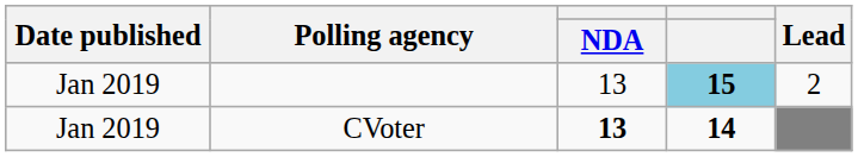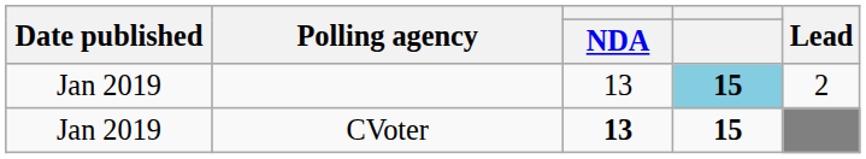 <table class="wikitable sortable" style="text-align:center; font-size:95%; line-height:16px">
 <tr>
 <th rowspan="2" width="100px">Date published</th>
 <th rowspan="2" width="175px">Polling agency</th>
 <th style="background:"></th>
 <th style="background:"></th>
 <th rowspan="2">Lead</th>
 </tr>
 <tr>
 <th width="50px" class="unsortable"><a href='#'>NDA</a></th>
 <th width="50px" class="unsortable"></th>
 </tr>
 <tr>
 <td>Jan 2019</td>
 <td></td>
 <td>13</td>
 <td style="background:#84CCE0"><strong>15</strong></td>
 <td style="background:"><span>2</span></td>
 </tr>
 <tr>
 <td>Jan 2019</td>
 <td>CVoter</td>
 <td><strong>13</strong></td>
-<td><strong>14</strong></td>
+<td><strong>15</strong></td>
 <td style="background:grey"><span></span></td>
 </tr>
 </table>
